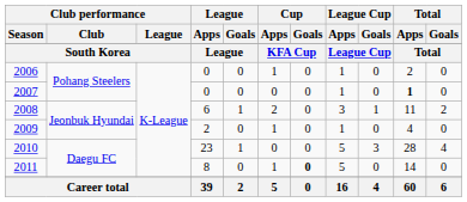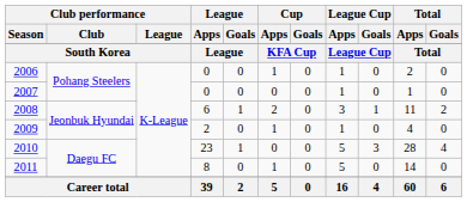 <table class="wikitable" style="text-align:center">
 <tr>
 <th colspan=3>Club performance</th>
 <th colspan=2>League</th>
 <th colspan=2>Cup</th>
 <th colspan=2>League Cup</th>
 <th colspan=2>Total</th>
 </tr>
 <tr>
 <th>Season</th>
 <th>Club</th>
 <th>League</th>
 <th>Apps</th>
 <th>Goals</th>
 <th>Apps</th>
 <th>Goals</th>
 <th>Apps</th>
 <th>Goals</th>
 <th>Apps</th>
 <th>Goals</th>
 </tr>
 <tr>
 </tr>
 <tr>
 <th colspan=3>South Korea</th>
 <th colspan=2>League</th>
 <th colspan=2><a href='#'>KFA Cup</a></th>
 <th colspan=2><a href='#'>League Cup</a></th>
 <th colspan=2>Total</th>
 </tr>
 <tr>
 <td><a href='#'>2006</a></td>
 <td rowspan="2"><a href='#'>Pohang Steelers</a></td>
 <td rowspan="6"><a href='#'>K-League</a></td>
 <td>0</td>
 <td>0</td>
 <td>1</td>
 <td>0</td>
 <td>1</td>
 <td>0</td>
 <td>2</td>
 <td>0</td>
 </tr>
 <tr>
 <td><a href='#'>2007</a></td>
 <td>0</td>
 <td>0</td>
 <td>0</td>
 <td>0</td>
 <td>1</td>
 <td>0</td>
-<td><strong>1</strong></td>
+<td>1</td>
 <td>0</td>
 </tr>
 <tr>
 <td><a href='#'>2008</a></td>
 <td rowspan="2"><a href='#'>Jeonbuk Hyundai</a></td>
 <td>6</td>
 <td>1</td>
 <td>2</td>
 <td>0</td>
 <td>3</td>
 <td>1</td>
 <td>11</td>
 <td>2</td>
 </tr>
 <tr>
 <td><a href='#'>2009</a></td>
 <td>2</td>
 <td>0</td>
 <td>1</td>
 <td>0</td>
 <td>1</td>
 <td>0</td>
 <td>4</td>
 <td>0</td>
 </tr>
 <tr>
 <td><a href='#'>2010</a></td>
 <td rowspan="2"><a href='#'>Daegu FC</a></td>
 <td>23</td>
 <td>1</td>
 <td>0</td>
 <td>0</td>
 <td>5</td>
 <td>3</td>
 <td>28</td>
 <td>4</td>
 </tr>
 <tr>
 <td><a href='#'>2011</a></td>
 <td>8</td>
 <td>0</td>
 <td>1</td>
-<td><strong>0</strong></td>
+<td>0</td>
 <td>5</td>
 <td>0</td>
 <td>14</td>
 <td>0</td>
 </tr>
 <tr>
 </tr>
 <tr>
 <th colspan=3>Career total</th>
 <th>39</th>
 <th>2</th>
 <th>5</th>
 <th>0</th>
 <th>16</th>
 <th>4</th>
 <th>60</th>
 <th>6</th>
 </tr>
 </table>
